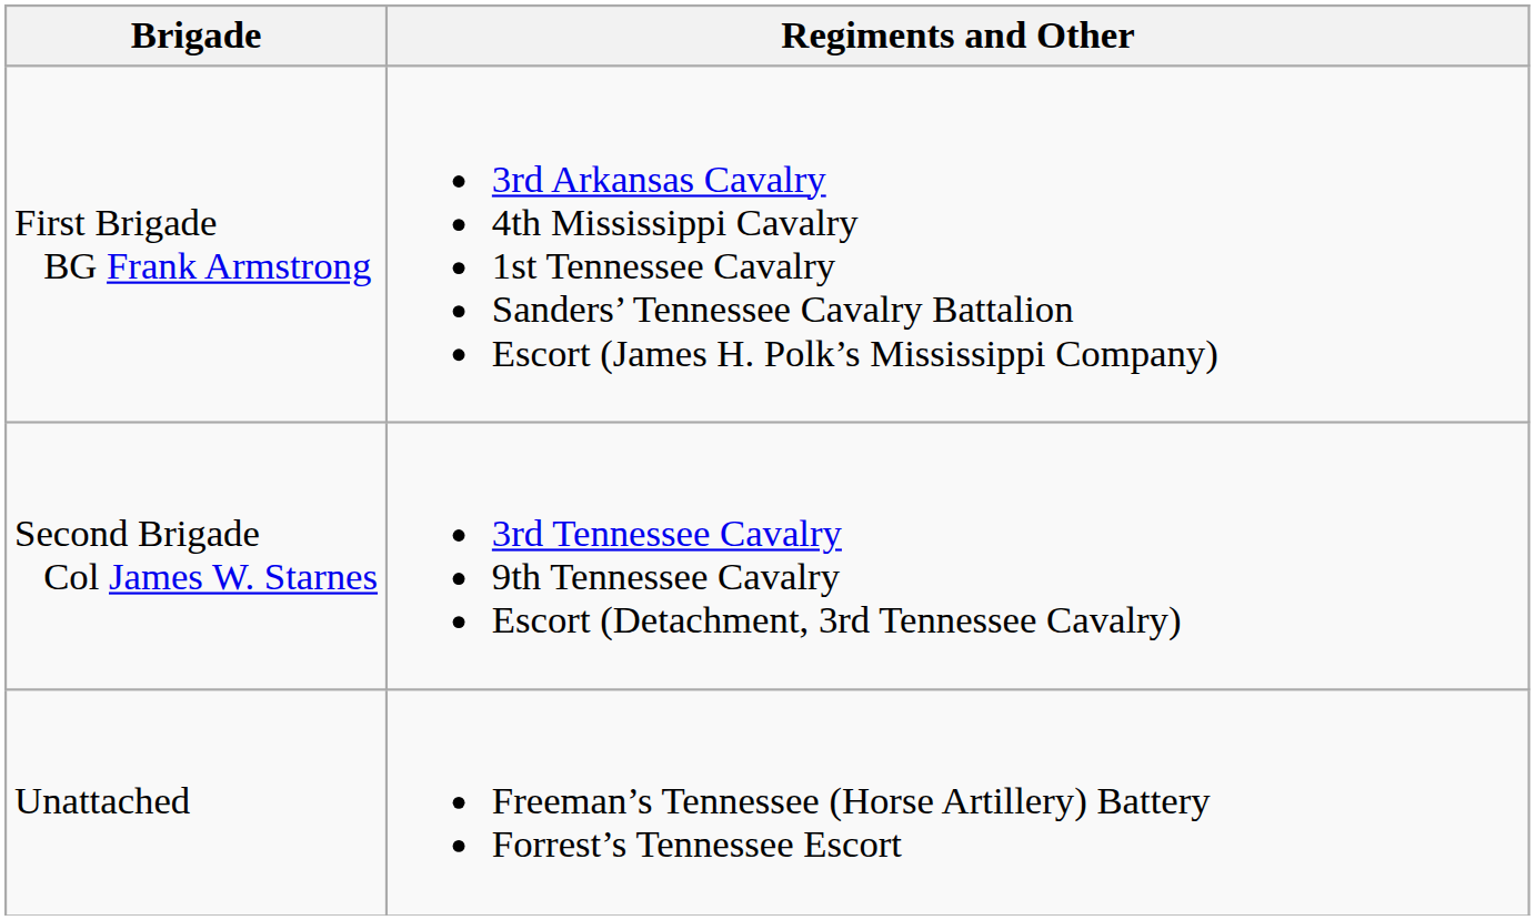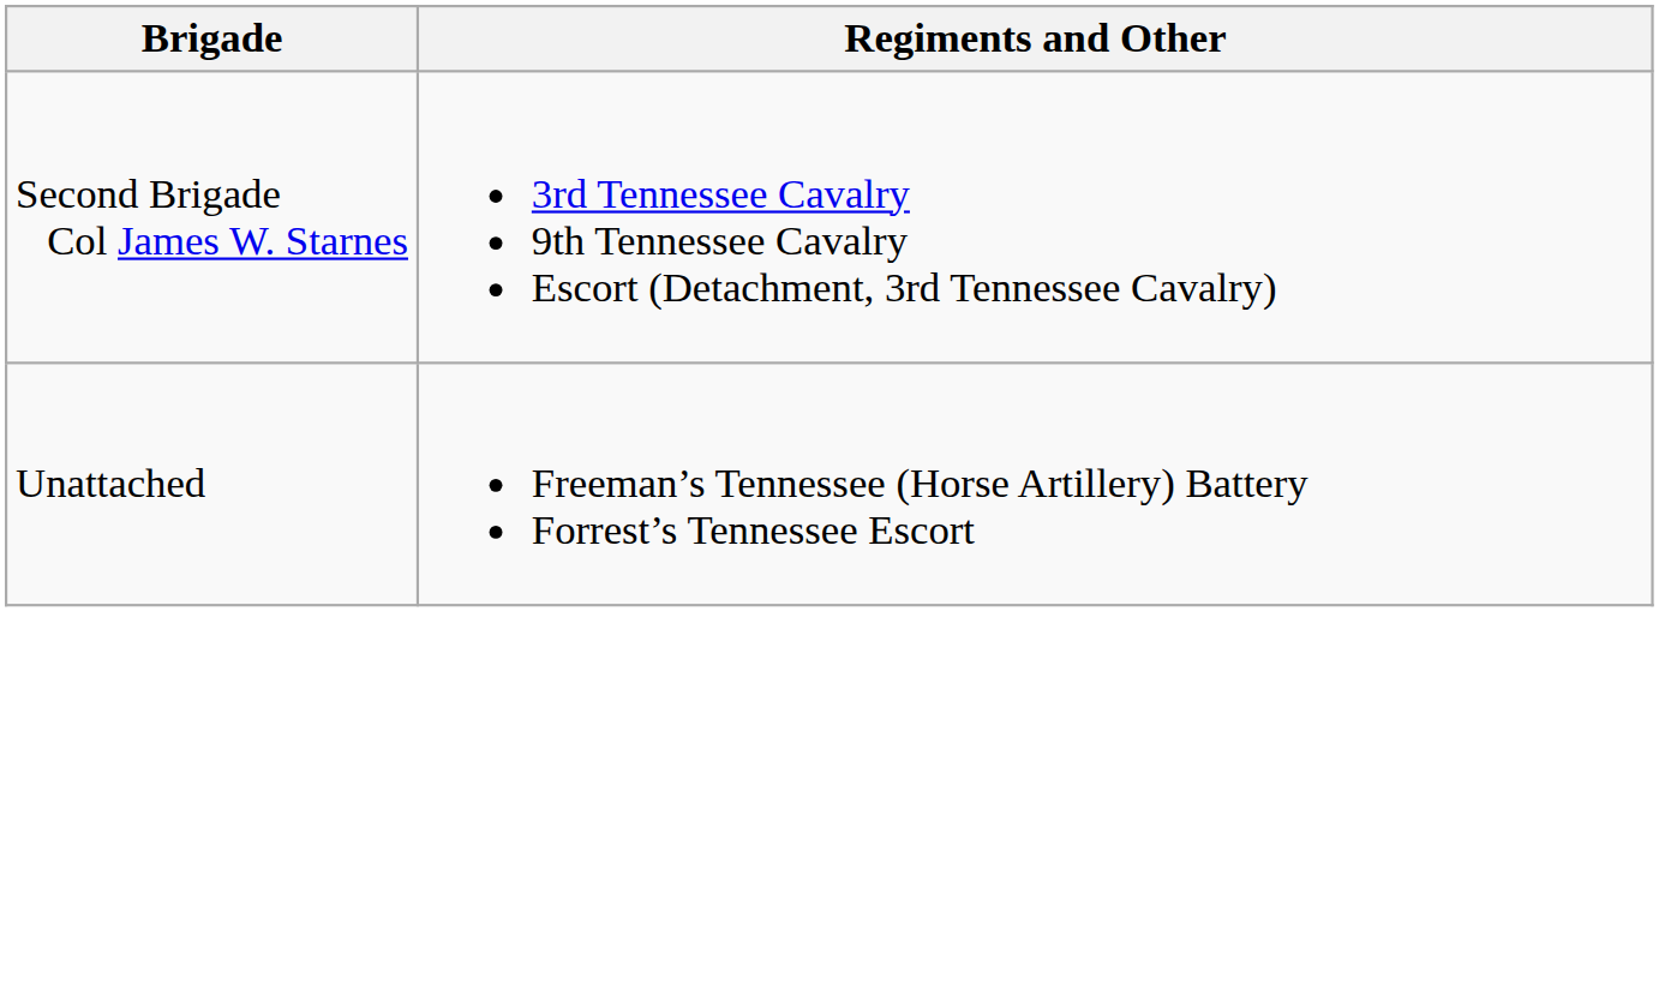 <table class="wikitable">
 <tr>
 <th width=25%>Brigade</th>
 <th>Regiments and Other</th>
-</tr>
-<tr>
-<td>First Brigade<br>   BG <a href='#'>Frank Armstrong</a></td>
-<td><br><ul><li><a href='#'>3rd Arkansas Cavalry</a></li><li>4th Mississippi Cavalry</li><li>1st Tennessee Cavalry</li><li>Sanders’ Tennessee Cavalry Battalion</li><li>Escort (James H. Polk’s Mississippi Company)</li></ul></td>
 </tr>
 <tr>
 <td>Second Brigade<br>   Col <a href='#'>James W. Starnes</a></td>
 <td><br><ul><li><a href='#'>3rd Tennessee Cavalry</a></li><li>9th Tennessee Cavalry</li><li>Escort (Detachment, 3rd Tennessee Cavalry)</li></ul></td>
 </tr>
 <tr>
 <td>Unattached</td>
 <td><br><ul><li>Freeman’s Tennessee (Horse Artillery) Battery</li><li>Forrest’s Tennessee Escort</li></ul></td>
 </tr>
 </table>
